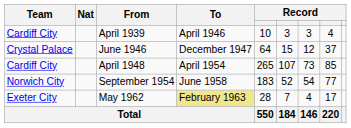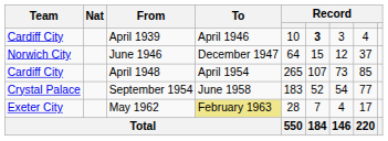 <table class="wikitable" style="text-align: center">
 <tr>
 <th rowspan="2">Team</th>
 <th rowspan="2">Nat</th>
 <th rowspan="2">From</th>
 <th rowspan="2">To</th>
 <th colspan="6">Record</th>
 </tr>
 <tr>
 <th></th>
 <th></th>
 <th></th>
 <th></th>
 <th></th>
 </tr>
 <tr>
 <td align=left><a href='#'>Cardiff City</a></td>
 <td></td>
 <td align=left>April 1939</td>
 <td align=left>April 1946</td>
 <td>10</td>
-<td>3</td>
+<td><strong>3</strong></td>
 <td>3</td>
 <td>4</td>
 <td></td>
 </tr>
 <tr>
-<td align=left><a href='#'>Crystal Palace</a></td>
+<td align=left><a href='#'>Norwich City</a></td>
 <td></td>
 <td align=left>June 1946</td>
 <td align=left>December 1947</td>
 <td>64</td>
 <td>15</td>
 <td>12</td>
 <td>37</td>
 <td></td>
 </tr>
 <tr>
 <td align=left><a href='#'>Cardiff City</a></td>
 <td></td>
 <td align=left>April 1948</td>
 <td align=left>April 1954</td>
 <td>265</td>
 <td>107</td>
 <td>73</td>
 <td>85</td>
 <td></td>
 </tr>
 <tr>
-<td align=left><a href='#'>Norwich City</a></td>
+<td align=left><a href='#'>Crystal Palace</a></td>
 <td></td>
 <td align=left>September 1954</td>
 <td align=left>June 1958</td>
 <td>183</td>
 <td>52</td>
 <td>54</td>
 <td>77</td>
 <td></td>
 </tr>
 <tr>
 <td align=left><a href='#'>Exeter City</a></td>
 <td></td>
 <td align=left>May 1962</td>
 <td align=left style="background: khaki;">February 1963</td>
 <td>28</td>
 <td>7</td>
 <td>4</td>
 <td>17</td>
 <td></td>
 </tr>
 <tr>
 <th colspan="4">Total</th>
 <th>550</th>
 <th>184</th>
 <th>146</th>
 <th>220</th>
 <th></th>
 </tr>
 </table>
